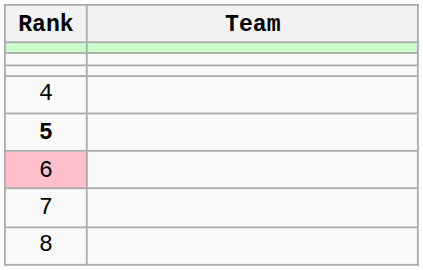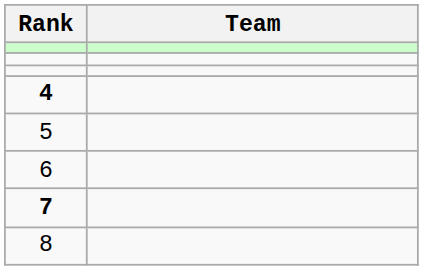 <table class="wikitable" style="text-align: center;">
 <tr>
 <th width=40>Rank</th>
 <th width=180>Team</th>
 </tr>
 <tr bgcolor=#ccffcc align=center>
 <td></td>
 <td style="text-align:left;"></td>
 </tr>
 <tr align=center>
 <td></td>
 <td style="text-align:left;"></td>
 </tr>
 <tr align=center>
 <td></td>
 <td style="text-align:left;"></td>
 </tr>
 <tr align=center>
-<td>4</td>
+<td><strong>4</strong></td>
 <td style="text-align:left;"></td>
 </tr>
 <tr align=center>
-<td><strong>5</strong></td>
+<td>5</td>
 <td style="text-align:left;"></td>
 </tr>
 <tr align=center>
-<td style="background: pink;">6</td>
+<td>6</td>
 <td style="text-align:left;"></td>
 </tr>
 <tr align=center>
-<td>7</td>
+<td><strong>7</strong></td>
 <td style="text-align:left;"></td>
 </tr>
 <tr align=center>
 <td>8</td>
 <td style="text-align:left;"></td>
 </tr>
 </table>
